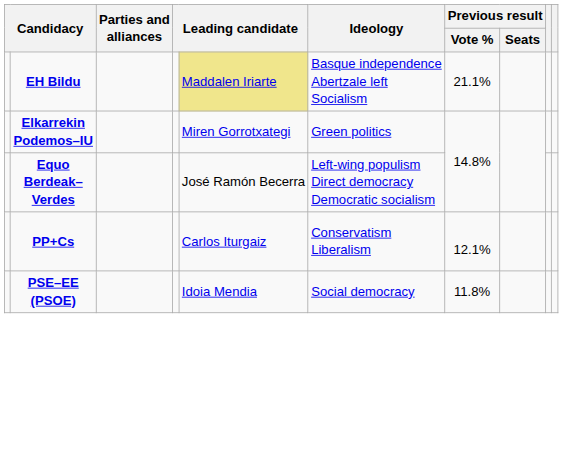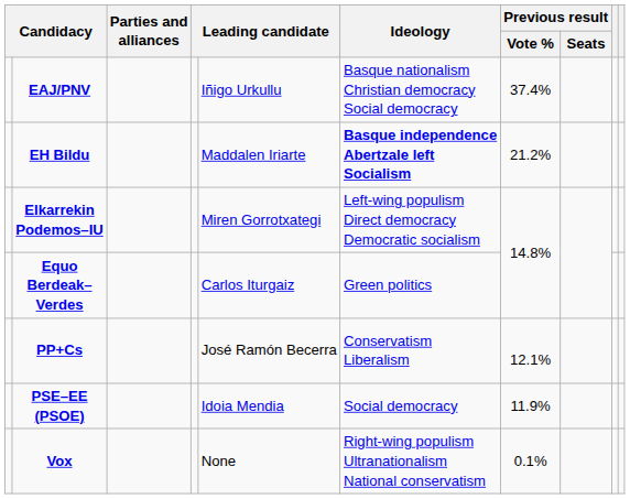 <table class="wikitable" style="line-height:1.35em; text-align:left;">
 <tr>
 <th colspan="2" rowspan="2">Candidacy</th>
 <th rowspan="2">Parties and<br>alliances</th>
 <th colspan="2" rowspan="2">Leading candidate</th>
 <th rowspan="2">Ideology</th>
 <th colspan="2">Previous result</th>
 <th rowspan="2"></th>
 <th rowspan="2"></th>
 </tr>
 <tr>
 <th>Vote %</th>
 <th>Seats</th>
 </tr>
 <tr>
+<td width="1" style="color:inherit;background:"></td>
+<td align="center"><strong><a href='#'>EAJ/PNV</a></strong></td>
+<td></td>
+<td></td>
+<td><a href='#'>Iñigo Urkullu</a></td>
+<td><a href='#'>Basque nationalism</a><br><a href='#'>Christian democracy</a><br><a href='#'>Social democracy</a></td>
+<td align="center">37.4%</td>
+<td></td>
+<td></td>
+<td></td>
+</tr>
+<tr>
 <td style="color:inherit;background:"></td>
 <td align="center"><strong><a href='#'>EH Bildu</a></strong></td>
 <td></td>
 <td></td>
-<td style="background: khaki;"><a href='#'>Maddalen Iriarte</a></td>
-<td><a href='#'>Basque independence</a><br><a href='#'>Abertzale left</a><br><a href='#'>Socialism</a></td>
-<td align="center">21.1%</td>
+<td><a href='#'>Maddalen Iriarte</a></td>
+<td><strong><a href='#'>Basque independence</a><br><a href='#'>Abertzale left</a><br><a href='#'>Socialism</a></strong></td>
+<td align="center">21.2%</td>
 <td></td>
 <td></td>
 <td><br><br></td>
 </tr>
 <tr>
 <td style="color:inherit;background:"></td>
 <td align="center"><strong><a href='#'>Elkarrekin<br>Podemos–IU</a></strong></td>
 <td></td>
 <td></td>
 <td><a href='#'>Miren Gorrotxategi</a></td>
-<td><a href='#'>Green politics</a></td>
+<td><a href='#'>Left-wing populism</a><br><a href='#'>Direct democracy</a><br><a href='#'>Democratic socialism</a></td>
 <td rowspan="2" align="center">14.8%</td>
 <td rowspan="2"></td>
 <td></td>
 <td><br><br></td>
 </tr>
 <tr>
 <td style="color:inherit;background:"></td>
 <td align="center"><strong><a href='#'>Equo<br>Berdeak–<br>Verdes</a></strong></td>
 <td></td>
 <td></td>
-<td>José Ramón Becerra</td>
-<td><a href='#'>Left-wing populism</a><br><a href='#'>Direct democracy</a><br><a href='#'>Democratic socialism</a></td>
+<td><a href='#'>Carlos Iturgaiz</a></td>
+<td><a href='#'>Green politics</a></td>
 <td></td>
 <td></td>
 </tr>
 <tr>
 <td style="color:inherit;background:"></td>
 <td align="center"><strong><a href='#'>PP+Cs</a></strong></td>
 <td></td>
 <td></td>
-<td><a href='#'>Carlos Iturgaiz</a></td>
+<td>José Ramón Becerra</td>
 <td><a href='#'>Conservatism</a><br><a href='#'>Liberalism</a></td>
 <td align="center"><br>12.1%<br></td>
 <td></td>
 <td></td>
 <td><br><br><br></td>
 </tr>
 <tr>
 <td style="color:inherit;background:"></td>
 <td align="center"><strong><a href='#'>PSE–EE<br>(PSOE)</a></strong></td>
 <td></td>
 <td></td>
 <td><a href='#'>Idoia Mendia</a></td>
 <td><a href='#'>Social democracy</a></td>
-<td align="center">11.8%</td>
+<td align="center">11.9%</td>
+<td></td>
+<td></td>
+<td></td>
+</tr>
+<tr>
+<td style="color:inherit;background:"></td>
+<td align="center"><strong><a href='#'>Vox</a></strong></td>
+<td></td>
+<td></td>
+<td>None</td>
+<td><a href='#'>Right-wing populism</a><br><a href='#'>Ultranationalism</a><br><a href='#'>National conservatism</a></td>
+<td align="center">0.1%</td>
 <td></td>
 <td></td>
 <td></td>
 </tr>
 </table>
